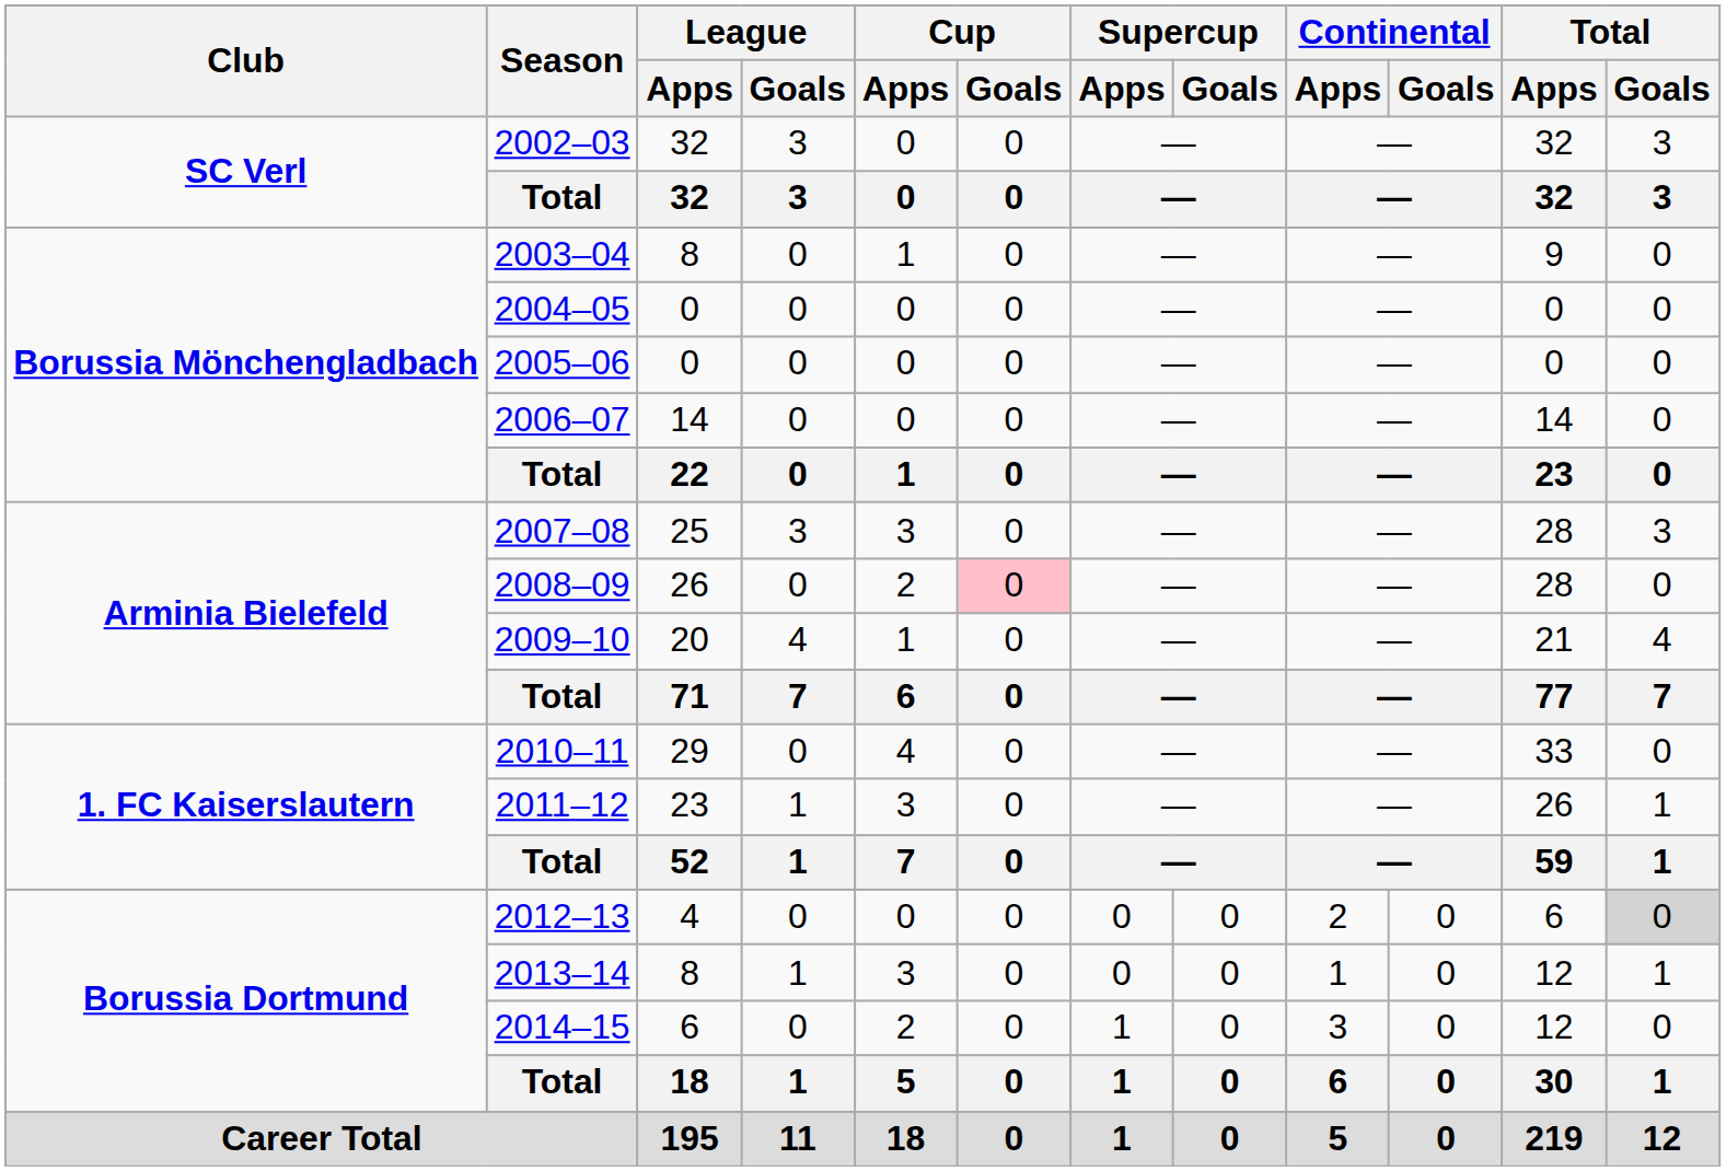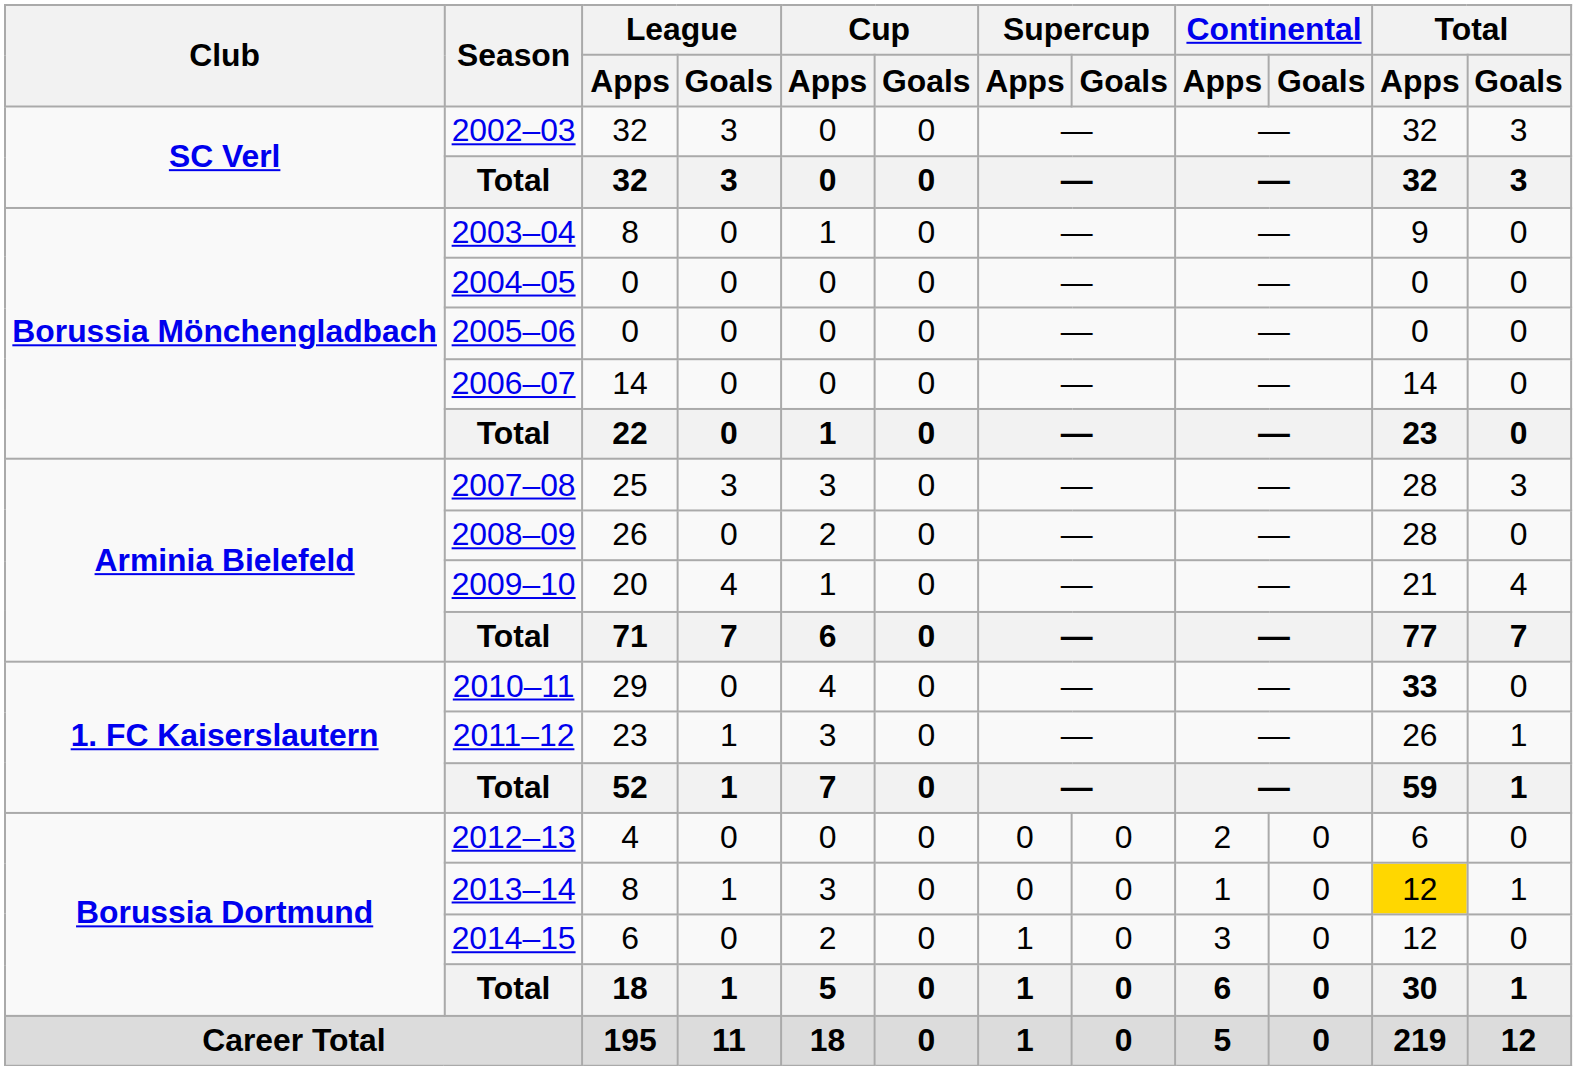 <table class="wikitable" style="text-align: center;">
 <tr>
 <th rowspan="2">Club</th>
 <th rowspan="2">Season</th>
 <th colspan="2">League</th>
 <th colspan="2">Cup</th>
 <th colspan="2">Supercup</th>
 <th colspan="2"><a href='#'>Continental</a></th>
 <th colspan="2">Total</th>
 </tr>
 <tr>
 <th>Apps</th>
 <th>Goals</th>
 <th>Apps</th>
 <th>Goals</th>
 <th>Apps</th>
 <th>Goals</th>
 <th>Apps</th>
 <th>Goals</th>
 <th>Apps</th>
 <th>Goals</th>
 </tr>
 <tr>
 <td rowspan="2" align=center valign=center><strong><a href='#'>SC Verl</a></strong></td>
 <td !colspan="2"><a href='#'>2002–03</a></td>
 <td>32</td>
 <td>3</td>
 <td>0</td>
 <td>0</td>
 <td colspan=2>—</td>
 <td colspan=2>—</td>
 <td>32</td>
 <td>3</td>
 </tr>
 <tr>
 <th>Total</th>
 <th>32</th>
 <th>3</th>
 <th>0</th>
 <th>0</th>
 <th colspan=2>—</th>
 <th colspan=2>—</th>
 <th>32</th>
 <th>3</th>
 </tr>
 <tr>
 <td rowspan="5" align=center valign=center><strong><a href='#'>Borussia Mönchengladbach</a></strong></td>
 <td !colspan="2"><a href='#'>2003–04</a></td>
 <td>8</td>
 <td>0</td>
 <td>1</td>
 <td>0</td>
 <td colspan=2>—</td>
 <td colspan=2>—</td>
 <td>9</td>
 <td>0</td>
 </tr>
 <tr>
 <td !colspan="2"><a href='#'>2004–05</a></td>
 <td>0</td>
 <td>0</td>
 <td>0</td>
 <td>0</td>
 <td colspan=2>—</td>
 <td colspan=2>—</td>
 <td>0</td>
 <td>0</td>
 </tr>
 <tr>
 <td !colspan="2"><a href='#'>2005–06</a></td>
 <td>0</td>
 <td>0</td>
 <td>0</td>
 <td>0</td>
 <td colspan=2>—</td>
 <td colspan=2>—</td>
 <td>0</td>
 <td>0</td>
 </tr>
 <tr>
 <td !colspan="2"><a href='#'>2006–07</a></td>
 <td>14</td>
 <td>0</td>
 <td>0</td>
 <td>0</td>
 <td colspan=2>—</td>
 <td colspan=2>—</td>
 <td>14</td>
 <td>0</td>
 </tr>
 <tr>
 <th>Total</th>
 <th>22</th>
 <th>0</th>
 <th>1</th>
 <th>0</th>
 <th colspan=2>—</th>
 <th colspan=2>—</th>
 <th>23</th>
 <th>0</th>
 </tr>
 <tr>
 <td rowspan="4" align=center valign=center><strong><a href='#'>Arminia Bielefeld</a></strong></td>
 <td !colspan="2"><a href='#'>2007–08</a></td>
 <td>25</td>
 <td>3</td>
 <td>3</td>
 <td>0</td>
 <td colspan=2>—</td>
 <td colspan=2>—</td>
 <td>28</td>
 <td>3</td>
 </tr>
 <tr>
 <td !colspan="2"><a href='#'>2008–09</a></td>
 <td>26</td>
 <td>0</td>
 <td>2</td>
-<td style="background: pink;">0</td>
+<td>0</td>
 <td colspan=2>—</td>
 <td colspan=2>—</td>
 <td>28</td>
 <td>0</td>
 </tr>
 <tr>
 <td !colspan="2"><a href='#'>2009–10</a></td>
 <td>20</td>
 <td>4</td>
 <td>1</td>
 <td>0</td>
 <td colspan=2>—</td>
 <td colspan=2>—</td>
 <td>21</td>
 <td>4</td>
 </tr>
 <tr>
 <th>Total</th>
 <th>71</th>
 <th>7</th>
 <th>6</th>
 <th>0</th>
 <th colspan=2>—</th>
 <th colspan=2>—</th>
 <th>77</th>
 <th>7</th>
 </tr>
 <tr>
 <td rowspan="3" align=center valign=center><strong><a href='#'>1. FC Kaiserslautern</a></strong></td>
 <td !colspan="2"><a href='#'>2010–11</a></td>
 <td>29</td>
 <td>0</td>
 <td>4</td>
 <td>0</td>
 <td colspan=2>—</td>
 <td colspan=2>—</td>
-<td>33</td>
+<td><strong>33</strong></td>
 <td>0</td>
 </tr>
 <tr>
 <td !colspan="2"><a href='#'>2011–12</a></td>
 <td>23</td>
 <td>1</td>
 <td>3</td>
 <td>0</td>
 <td colspan=2>—</td>
 <td colspan=2>—</td>
 <td>26</td>
 <td>1</td>
 </tr>
 <tr>
 <th>Total</th>
 <th>52</th>
 <th>1</th>
 <th>7</th>
 <th>0</th>
 <th colspan=2>—</th>
 <th colspan=2>—</th>
 <th>59</th>
 <th>1</th>
 </tr>
 <tr>
 <td rowspan="4" align=center valign=center><strong><a href='#'>Borussia Dortmund</a></strong></td>
 <td !colspan="2"><a href='#'>2012–13</a></td>
 <td>4</td>
 <td>0</td>
 <td>0</td>
 <td>0</td>
 <td>0</td>
 <td>0</td>
 <td>2</td>
 <td>0</td>
 <td>6</td>
-<td style="background: lightgrey;">0</td>
+<td>0</td>
 </tr>
 <tr>
 <td !colspan="2"><a href='#'>2013–14</a></td>
 <td>8</td>
 <td>1</td>
 <td>3</td>
 <td>0</td>
 <td>0</td>
 <td>0</td>
 <td>1</td>
 <td>0</td>
-<td>12</td>
+<td style="background: gold;">12</td>
 <td>1</td>
 </tr>
 <tr>
 <td !colspan="2"><a href='#'>2014–15</a></td>
 <td>6</td>
 <td>0</td>
 <td>2</td>
 <td>0</td>
 <td>1</td>
 <td>0</td>
 <td>3</td>
 <td>0</td>
 <td>12</td>
 <td>0</td>
 </tr>
 <tr>
 <th>Total</th>
 <th>18</th>
 <th>1</th>
 <th>5</th>
 <th>0</th>
 <th>1</th>
 <th>0</th>
 <th>6</th>
 <th>0</th>
 <th>30</th>
 <th>1</th>
 </tr>
 <tr>
 <th style="background: #DCDCDC" colspan=2>Career Total</th>
 <th style="background:#dcdcdc; text-align:center;"><strong>195</strong></th>
 <th style="background:#dcdcdc; text-align:center;"><strong>11</strong></th>
 <th style="background:#dcdcdc; text-align:center;"><strong>18</strong></th>
 <th style="background:#dcdcdc; text-align:center;"><strong>0</strong></th>
 <th style="background:#dcdcdc; text-align:center;"><strong>1</strong></th>
 <th style="background:#dcdcdc; text-align:center;"><strong>0</strong></th>
 <th style="background:#dcdcdc; text-align:center;"><strong>5</strong></th>
 <th style="background:#dcdcdc; text-align:center;"><strong>0</strong></th>
 <th style="background:#dcdcdc; text-align:center;"><strong>219</strong></th>
 <th style="background:#dcdcdc; text-align:center;"><strong>12</strong></th>
 </tr>
 </table>
